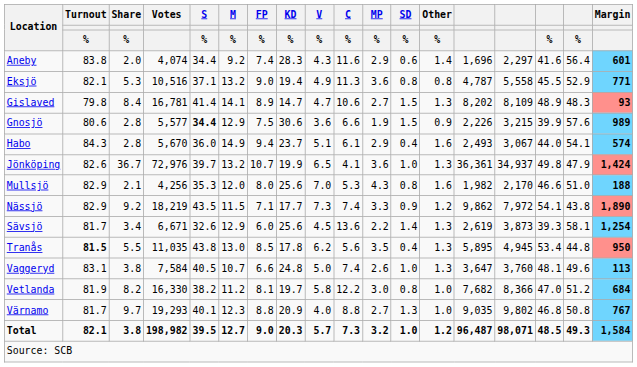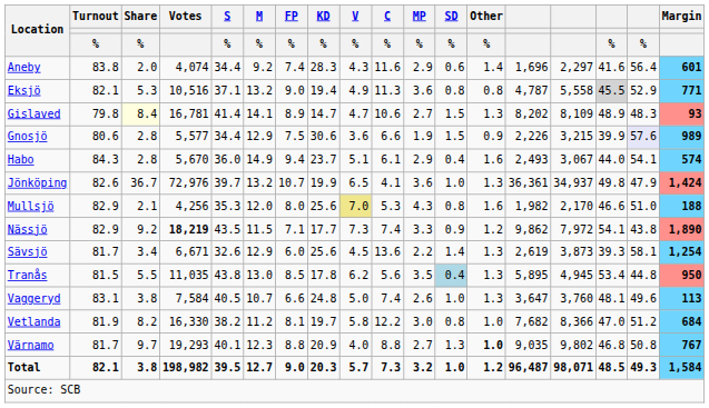 <table class="wikitable sortable" style="text-align:right; font-size:95%; line-height:20px;">
 <tr>
 <th rowspan="3">Location</th>
 <th>Turnout</th>
 <th>Share</th>
 <th>Votes</th>
 <th width="30px" class="unsortable"><a href='#'>S</a></th>
 <th width="30px" class="unsortable"><a href='#'>M</a></th>
 <th width="30px" class="unsortable"><a href='#'>FP</a></th>
 <th width="30px" class="unsortable"><a href='#'>KD</a></th>
 <th width="30px" class="unsortable"><a href='#'>V</a></th>
 <th width="30px" class="unsortable"><a href='#'>C</a></th>
 <th width="30px" class="unsortable"><a href='#'>MP</a></th>
 <th width="30px" class="unsortable"><a href='#'>SD</a></th>
 <th width="30px" class="unsortable">Other</th>
 <th></th>
 <th></th>
 <th></th>
 <th></th>
 <th>Margin</th>
 </tr>
 <tr>
 <th></th>
 <th></th>
 <th></th>
 <th style="background:"></th>
 <th style="background:"></th>
 <th style="background:"></th>
 <th style="background:"></th>
 <th style="background:"></th>
 <th style="background:"></th>
 <th style="background:"></th>
 <th style="background:"></th>
 <th style="background:"></th>
 <th style="background:"></th>
 <th style="background:"></th>
 <th style="background:"></th>
 <th style="background:"></th>
 <th></th>
 </tr>
 <tr>
 <th data-sort-type="number">%</th>
 <th data-sort-type="number">%</th>
 <th></th>
 <th data-sort-type="number">%</th>
 <th data-sort-type="number">%</th>
 <th data-sort-type="number">%</th>
 <th data-sort-type="number">%</th>
 <th data-sort-type="number">%</th>
 <th data-sort-type="number">%</th>
 <th data-sort-type="number">%</th>
 <th data-sort-type="number">%</th>
 <th data-sort-type="number">%</th>
 <th data-sort-type="number"></th>
 <th data-sort-type="number"></th>
 <th data-sort-type="number">%</th>
 <th data-sort-type="number">%</th>
 <th data-sort-type="number"></th>
 </tr>
 <tr>
 <td align=left><a href='#'>Aneby</a></td>
 <td>83.8</td>
 <td>2.0</td>
 <td>4,074</td>
 <td>34.4</td>
 <td>9.2</td>
 <td>7.4</td>
 <td>28.3</td>
 <td>4.3</td>
 <td>11.6</td>
 <td>2.9</td>
 <td>0.6</td>
 <td>1.4</td>
 <td>1,696</td>
 <td>2,297</td>
 <td>41.6</td>
 <td>56.4</td>
 <td bgcolor=#6fd5fe><strong>601</strong></td>
 </tr>
 <tr>
 <td align=left><a href='#'>Eksjö</a></td>
 <td>82.1</td>
 <td>5.3</td>
 <td>10,516</td>
 <td>37.1</td>
 <td>13.2</td>
 <td>9.0</td>
 <td>19.4</td>
 <td>4.9</td>
 <td>11.3</td>
 <td>3.6</td>
 <td>0.8</td>
 <td>0.8</td>
 <td>4,787</td>
 <td>5,558</td>
-<td>45.5</td>
+<td style="background: lightgrey;">45.5</td>
 <td>52.9</td>
 <td bgcolor=#6fd5fe><strong>771</strong></td>
 </tr>
 <tr>
 <td align=left><a href='#'>Gislaved</a></td>
 <td>79.8</td>
-<td>8.4</td>
+<td style="background: lightyellow;">8.4</td>
 <td>16,781</td>
 <td>41.4</td>
 <td>14.1</td>
 <td>8.9</td>
 <td>14.7</td>
 <td>4.7</td>
 <td>10.6</td>
 <td>2.7</td>
 <td>1.5</td>
 <td>1.3</td>
 <td>8,202</td>
 <td>8,109</td>
 <td>48.9</td>
 <td>48.3</td>
 <td bgcolor=#ff908c><strong>93</strong></td>
 </tr>
 <tr>
 <td align=left><a href='#'>Gnosjö</a></td>
 <td>80.6</td>
 <td>2.8</td>
 <td>5,577</td>
-<td><strong>34.4</strong></td>
+<td>34.4</td>
 <td>12.9</td>
 <td>7.5</td>
 <td>30.6</td>
 <td>3.6</td>
 <td>6.6</td>
 <td>1.9</td>
 <td>1.5</td>
 <td>0.9</td>
 <td>2,226</td>
 <td>3,215</td>
 <td>39.9</td>
-<td>57.6</td>
+<td style="background: lavender;">57.6</td>
 <td bgcolor=#6fd5fe><strong>989</strong></td>
 </tr>
 <tr>
 <td align=left><a href='#'>Habo</a></td>
 <td>84.3</td>
 <td>2.8</td>
 <td>5,670</td>
 <td>36.0</td>
 <td>14.9</td>
 <td>9.4</td>
 <td>23.7</td>
 <td>5.1</td>
 <td>6.1</td>
 <td>2.9</td>
 <td>0.4</td>
 <td>1.6</td>
 <td>2,493</td>
 <td>3,067</td>
 <td>44.0</td>
 <td>54.1</td>
 <td bgcolor=#6fd5fe><strong>574</strong></td>
 </tr>
 <tr>
 <td align=left><a href='#'>Jönköping</a></td>
 <td>82.6</td>
 <td>36.7</td>
 <td>72,976</td>
 <td>39.7</td>
 <td>13.2</td>
 <td>10.7</td>
 <td>19.9</td>
 <td>6.5</td>
 <td>4.1</td>
 <td>3.6</td>
 <td>1.0</td>
 <td>1.3</td>
 <td>36,361</td>
 <td>34,937</td>
 <td>49.8</td>
 <td>47.9</td>
 <td bgcolor=#ff908c><strong>1,424</strong></td>
 </tr>
 <tr>
 <td align=left><a href='#'>Mullsjö</a></td>
 <td>82.9</td>
 <td>2.1</td>
 <td>4,256</td>
 <td>35.3</td>
 <td>12.0</td>
 <td>8.0</td>
 <td>25.6</td>
-<td>7.0</td>
+<td style="background: khaki;">7.0</td>
 <td>5.3</td>
 <td>4.3</td>
 <td>0.8</td>
 <td>1.6</td>
 <td>1,982</td>
 <td>2,170</td>
 <td>46.6</td>
 <td>51.0</td>
 <td bgcolor=#6fd5fe><strong>188</strong></td>
 </tr>
 <tr>
 <td align=left><a href='#'>Nässjö</a></td>
 <td>82.9</td>
 <td>9.2</td>
-<td>18,219</td>
+<td><strong>18,219</strong></td>
 <td>43.5</td>
 <td>11.5</td>
 <td>7.1</td>
 <td>17.7</td>
 <td>7.3</td>
 <td>7.4</td>
 <td>3.3</td>
 <td>0.9</td>
 <td>1.2</td>
 <td>9,862</td>
 <td>7,972</td>
 <td>54.1</td>
 <td>43.8</td>
 <td bgcolor=#ff908c><strong>1,890</strong></td>
 </tr>
 <tr>
 <td align=left><a href='#'>Sävsjö</a></td>
 <td>81.7</td>
 <td>3.4</td>
 <td>6,671</td>
 <td>32.6</td>
 <td>12.9</td>
 <td>6.0</td>
 <td>25.6</td>
 <td>4.5</td>
 <td>13.6</td>
 <td>2.2</td>
 <td>1.4</td>
 <td>1.3</td>
 <td>2,619</td>
 <td>3,873</td>
 <td>39.3</td>
 <td>58.1</td>
 <td bgcolor=#6fd5fe><strong>1,254</strong></td>
 </tr>
 <tr>
 <td align=left><a href='#'>Tranås</a></td>
-<td><strong>81.5</strong></td>
+<td>81.5</td>
 <td>5.5</td>
 <td>11,035</td>
 <td>43.8</td>
 <td>13.0</td>
 <td>8.5</td>
 <td>17.8</td>
 <td>6.2</td>
 <td>5.6</td>
 <td>3.5</td>
-<td>0.4</td>
+<td style="background: lightblue;">0.4</td>
 <td>1.3</td>
 <td>5,895</td>
 <td>4,945</td>
 <td>53.4</td>
 <td>44.8</td>
 <td bgcolor=#ff908c><strong>950</strong></td>
 </tr>
 <tr>
 <td align=left><a href='#'>Vaggeryd</a></td>
 <td>83.1</td>
 <td>3.8</td>
 <td>7,584</td>
 <td>40.5</td>
 <td>10.7</td>
 <td>6.6</td>
 <td>24.8</td>
 <td>5.0</td>
 <td>7.4</td>
 <td>2.6</td>
 <td>1.0</td>
 <td>1.3</td>
 <td>3,647</td>
 <td>3,760</td>
 <td>48.1</td>
 <td>49.6</td>
 <td bgcolor=#6fd5fe><strong>113</strong></td>
 </tr>
 <tr>
 <td align=left><a href='#'>Vetlanda</a></td>
 <td>81.9</td>
 <td>8.2</td>
 <td>16,330</td>
 <td>38.2</td>
 <td>11.2</td>
 <td>8.1</td>
 <td>19.7</td>
 <td>5.8</td>
 <td>12.2</td>
 <td>3.0</td>
 <td>0.8</td>
 <td>1.0</td>
 <td>7,682</td>
 <td>8,366</td>
 <td>47.0</td>
 <td>51.2</td>
 <td bgcolor=#6fd5fe><strong>684</strong></td>
 </tr>
 <tr>
 <td align=left><a href='#'>Värnamo</a></td>
 <td>81.7</td>
 <td>9.7</td>
 <td>19,293</td>
 <td>40.1</td>
 <td>12.3</td>
 <td>8.8</td>
 <td>20.9</td>
 <td>4.0</td>
 <td>8.8</td>
 <td>2.7</td>
 <td>1.3</td>
-<td>1.0</td>
+<td><strong>1.0</strong></td>
 <td>9,035</td>
 <td>9,802</td>
 <td>46.8</td>
 <td>50.8</td>
 <td bgcolor=#6fd5fe><strong>767</strong></td>
 </tr>
 <tr>
 <td align=left><strong>Total</strong></td>
 <td><strong>82.1</strong></td>
 <td><strong>3.8</strong></td>
 <td><strong>198,982</strong></td>
 <td><strong>39.5</strong></td>
 <td><strong>12.7</strong></td>
 <td><strong>9.0</strong></td>
 <td><strong>20.3</strong></td>
 <td><strong>5.7</strong></td>
 <td><strong>7.3</strong></td>
 <td><strong>3.2</strong></td>
 <td><strong>1.0</strong></td>
 <td><strong>1.2</strong></td>
 <td><strong>96,487</strong></td>
 <td><strong>98,071</strong></td>
 <td><strong>48.5</strong></td>
 <td><strong>49.3</strong></td>
 <td bgcolor=#6fd5fe><strong>1,584</strong></td>
 </tr>
 <tr>
 <td align=left colspan=18>Source: SCB </td>
 </tr>
 </table>
